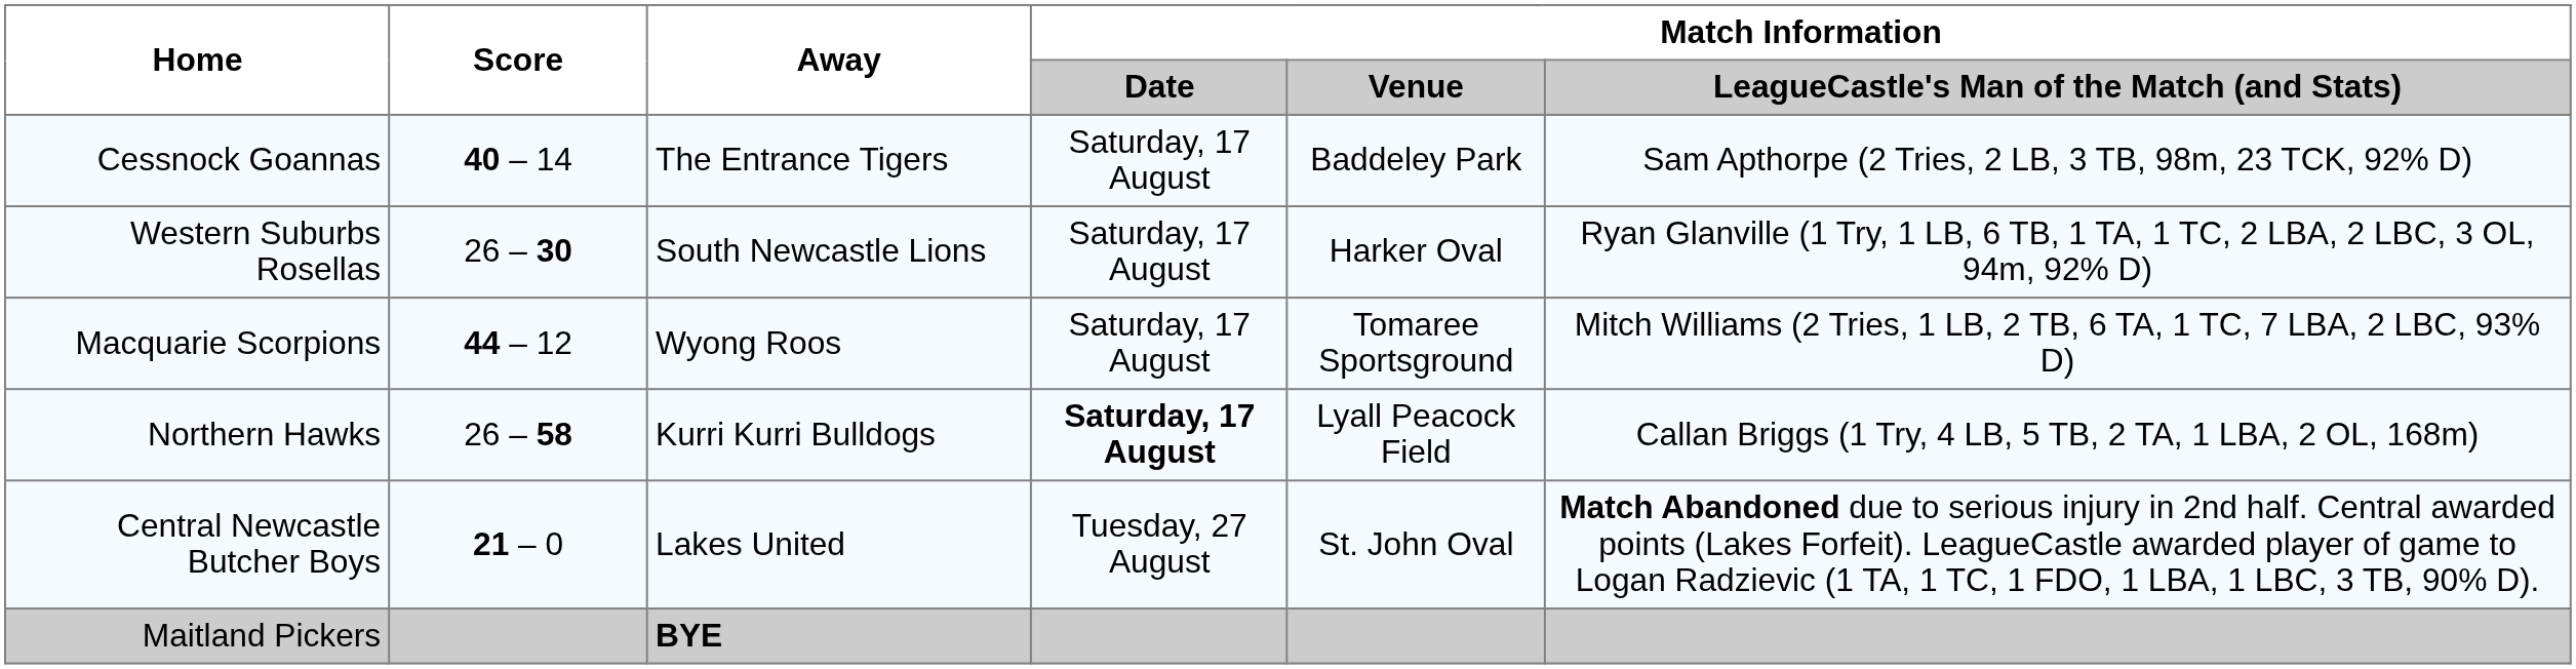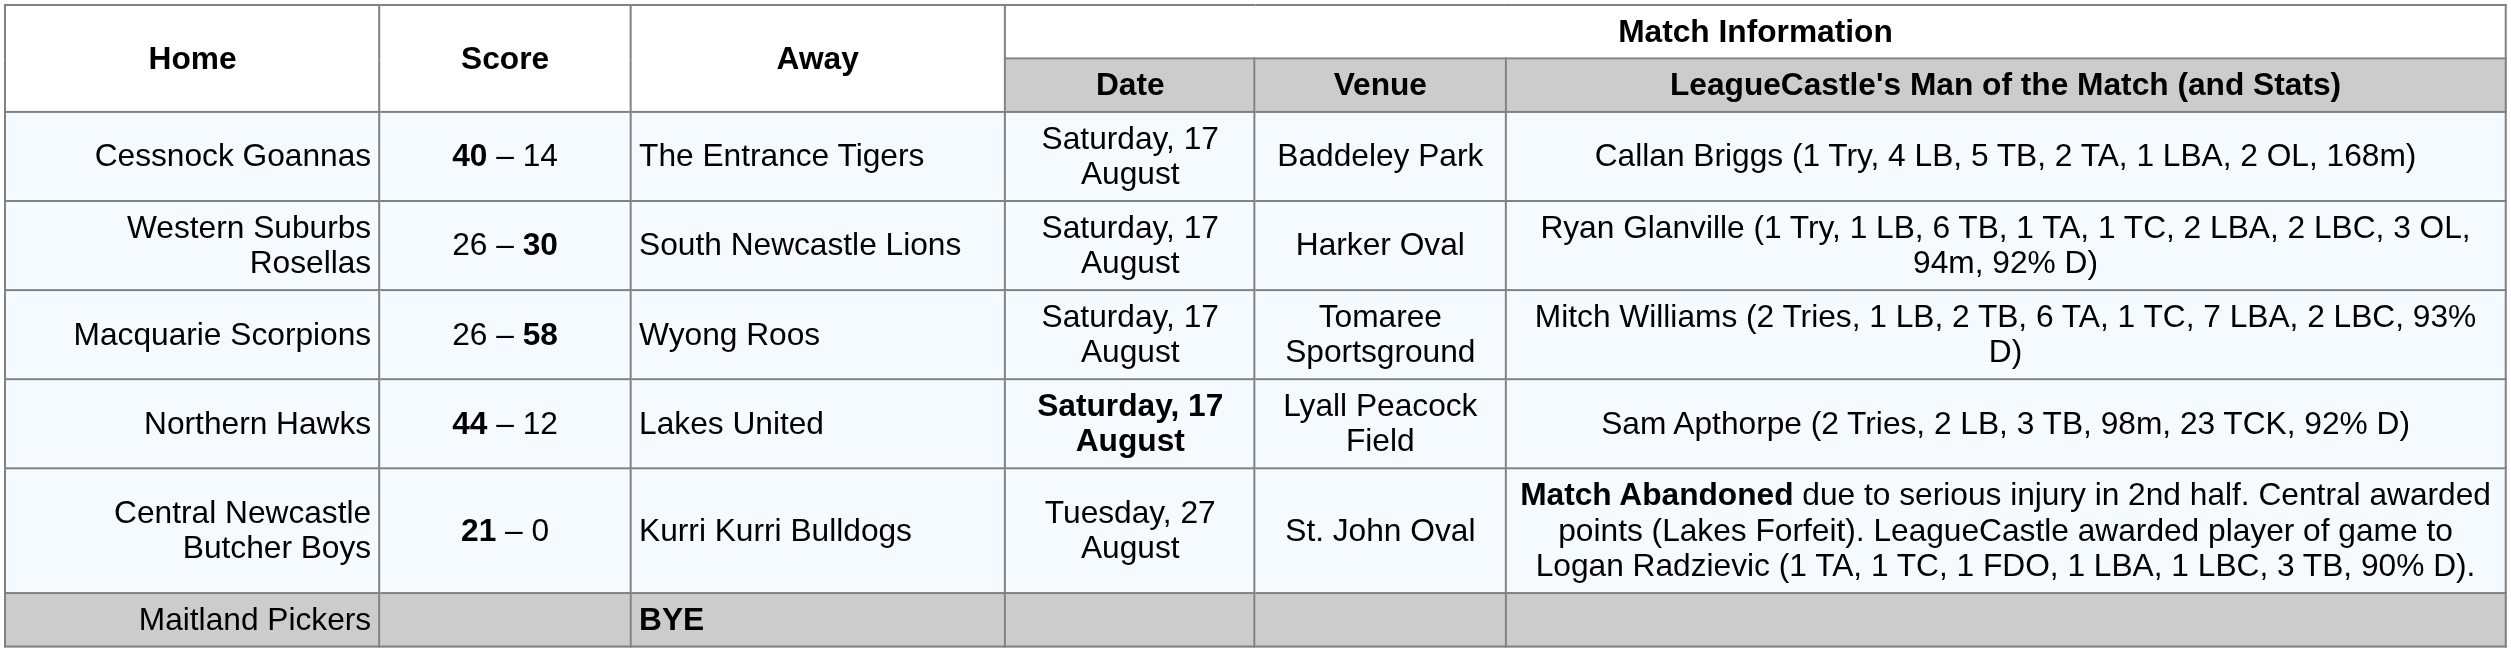 <table width="100%" cellspacing="0" cellpadding="4" border="1" style="border-collapse:collapse;  text-align:center;">
 <tr>
 <th rowspan="2" width="15%">Home</th>
 <th rowspan="2" width="10%">Score</th>
 <th rowspan="2" width="15%">Away</th>
 <th colspan="4">Match Information</th>
 </tr>
 <tr style="background:#CCCCCC">
 <th width="10%">Date</th>
 <th width="10%">Venue</th>
 <th width="40%">LeagueCastle's Man of the Match (and Stats)</th>
 </tr>
 <tr style="text-align:center; background:#f5faff;">
 <td align="right"> Cessnock Goannas</td>
 <td><strong>40</strong> – 14</td>
 <td align="left"> The Entrance Tigers</td>
 <td>Saturday, 17 August</td>
 <td>Baddeley Park</td>
-<td>Sam Apthorpe  (2 Tries, 2 LB, 3 TB, 98m, 23 TCK, 92% D)</td>
+<td>Callan Briggs  (1 Try, 4 LB, 5 TB, 2 TA, 1 LBA, 2 OL, 168m)</td>
 </tr>
 <tr style="text-align:center; background:#f5faff;">
 <td align="right"> Western Suburbs Rosellas</td>
 <td>26 – <strong>30</strong></td>
 <td align="left"> South Newcastle Lions</td>
 <td>Saturday, 17 August</td>
 <td>Harker Oval</td>
 <td>Ryan Glanville  (1 Try, 1 LB, 6 TB, 1 TA, 1 TC, 2 LBA, 2 LBC, 3 OL, 94m, 92% D)</td>
 </tr>
 <tr style="text-align:center; background:#f5faff;">
 <td align="right"> Macquarie Scorpions</td>
-<td><strong>44</strong> – 12</td>
+<td>26 – <strong>58</strong></td>
 <td align="left"> Wyong Roos</td>
 <td>Saturday, 17 August</td>
 <td>Tomaree Sportsground</td>
 <td>Mitch Williams  (2 Tries, 1 LB, 2 TB, 6 TA, 1 TC, 7 LBA, 2 LBC, 93% D)</td>
 </tr>
 <tr style="text-align:center; background:#f5faff;">
 <td align="right"> Northern Hawks</td>
-<td>26 – <strong>58</strong></td>
-<td align="left"> Kurri Kurri Bulldogs</td>
+<td><strong>44</strong> – 12</td>
+<td align="left"> Lakes United</td>
 <td><strong>Saturday, 17 August</strong></td>
 <td>Lyall Peacock Field</td>
-<td>Callan Briggs  (1 Try, 4 LB, 5 TB, 2 TA, 1 LBA, 2 OL, 168m)</td>
+<td>Sam Apthorpe  (2 Tries, 2 LB, 3 TB, 98m, 23 TCK, 92% D)</td>
 </tr>
 <tr style="text-align:center; background:#f5faff;">
 <td align="right"> Central Newcastle Butcher Boys</td>
 <td><strong>21</strong> – 0</td>
-<td align="left"> Lakes United</td>
+<td align="left"> Kurri Kurri Bulldogs</td>
 <td>Tuesday, 27 August</td>
 <td>St. John Oval</td>
 <td><strong>Match Abandoned</strong> due to serious injury in 2nd half. Central awarded points (Lakes Forfeit). LeagueCastle awarded player of game to Logan Radzievic  (1 TA, 1 TC, 1 FDO, 1 LBA, 1 LBC, 3 TB, 90% D).</td>
 </tr>
 <tr style="text-align:center; background:#CCCCCC;">
 <td align="right"> Maitland Pickers</td>
 <td></td>
 <td align="left"><strong>BYE</strong></td>
 <td></td>
 <td></td>
 <td></td>
 </tr>
 </table>
